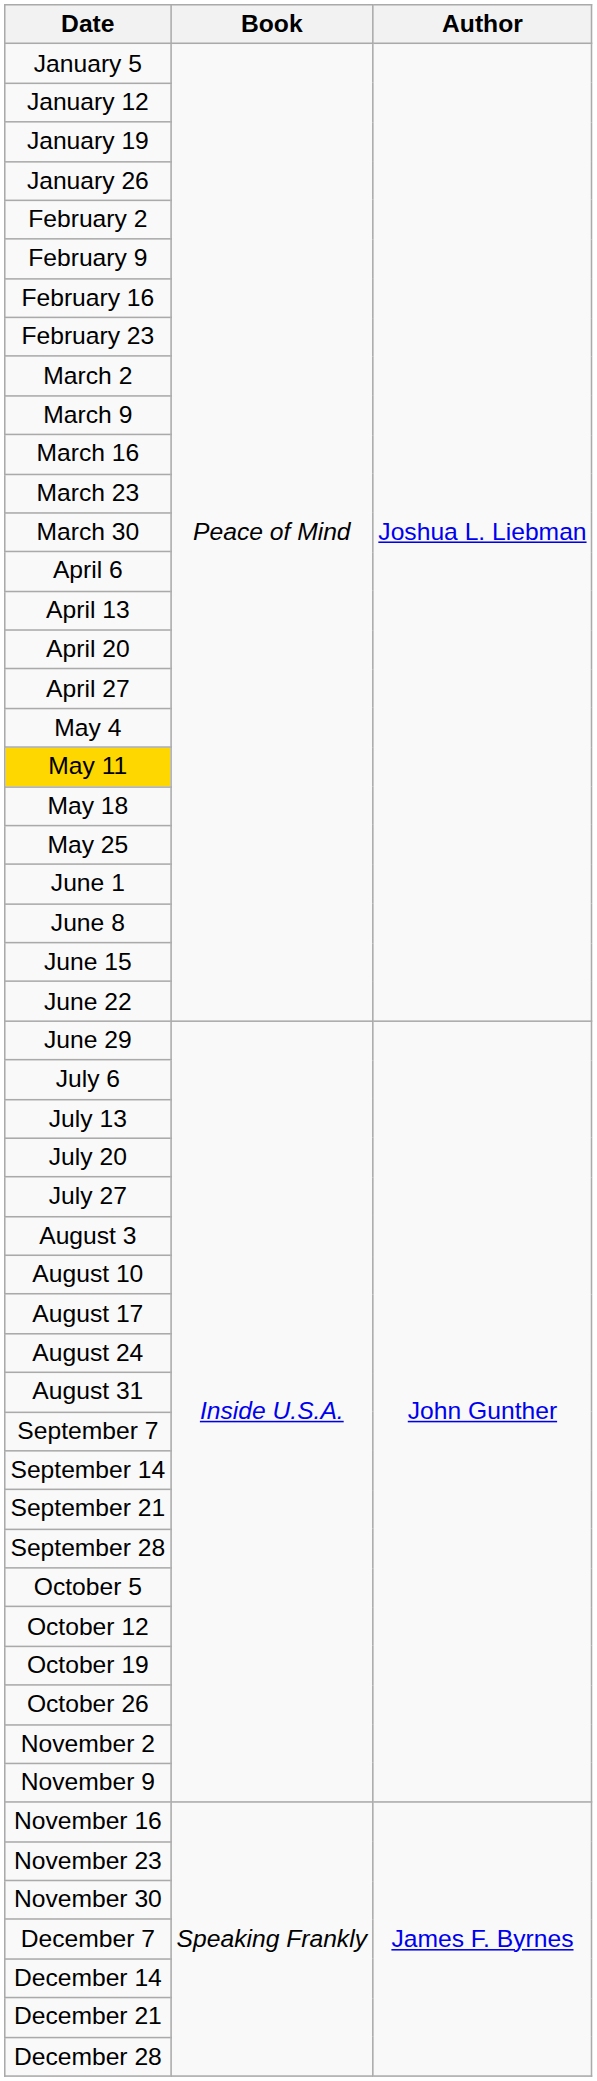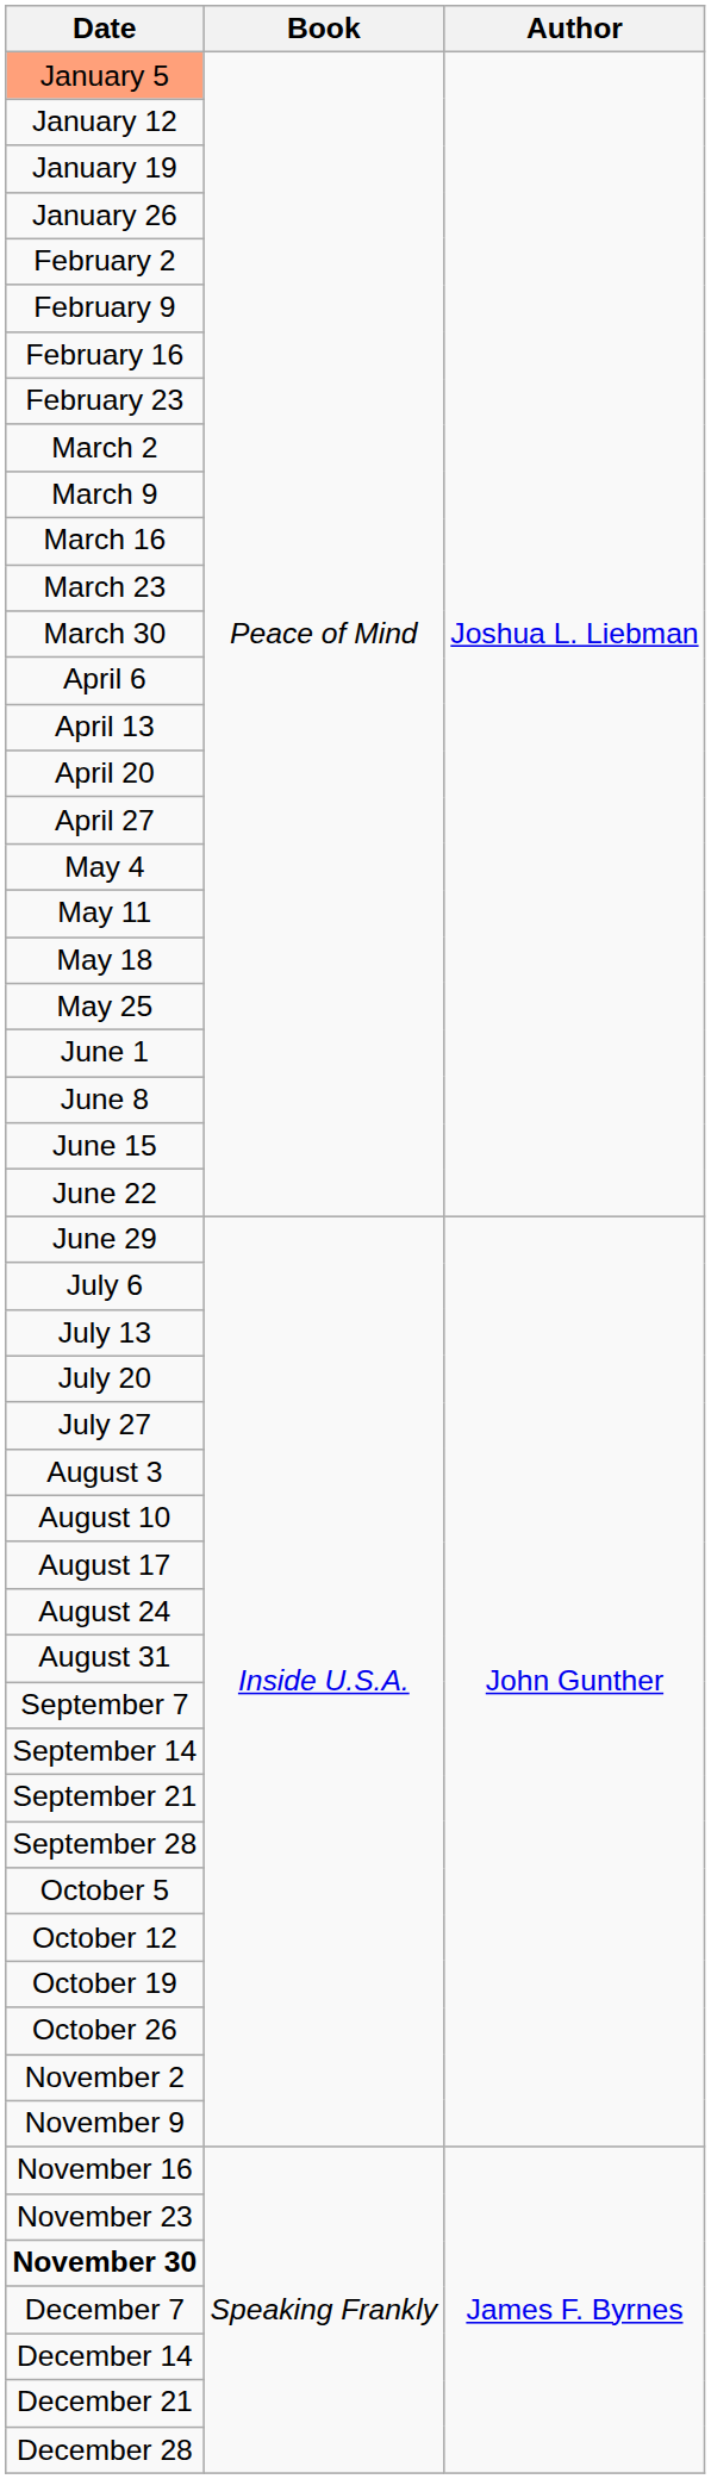 <table class="wikitable sortable" style="text-align: center">
 <tr>
 <th>Date</th>
 <th>Book</th>
 <th>Author</th>
 </tr>
 <tr>
-<td>January 5</td>
+<td style="background: lightsalmon;">January 5</td>
 <td rowspan=25><em>Peace of Mind</em></td>
 <td rowspan=25><a href='#'>Joshua L. Liebman</a></td>
 </tr>
 <tr>
 <td>January 12</td>
 </tr>
 <tr>
 <td>January 19</td>
 </tr>
 <tr>
 <td>January 26</td>
 </tr>
 <tr>
 <td>February 2</td>
 </tr>
 <tr>
 <td>February 9</td>
 </tr>
 <tr>
 <td>February 16</td>
 </tr>
 <tr>
 <td>February 23</td>
 </tr>
 <tr>
 <td>March 2</td>
 </tr>
 <tr>
 <td>March 9</td>
 </tr>
 <tr>
 <td>March 16</td>
 </tr>
 <tr>
 <td>March 23</td>
 </tr>
 <tr>
 <td>March 30</td>
 </tr>
 <tr>
 <td>April 6</td>
 </tr>
 <tr>
 <td>April 13</td>
 </tr>
 <tr>
 <td>April 20</td>
 </tr>
 <tr>
 <td>April 27</td>
 </tr>
 <tr>
 <td>May 4</td>
 </tr>
 <tr>
-<td style="background: gold;">May 11</td>
+<td>May 11</td>
 </tr>
 <tr>
 <td>May 18</td>
 </tr>
 <tr>
 <td>May 25</td>
 </tr>
 <tr>
 <td>June 1</td>
 </tr>
 <tr>
 <td>June 8</td>
 </tr>
 <tr>
 <td>June 15</td>
 </tr>
 <tr>
 <td>June 22</td>
 </tr>
 <tr>
 <td>June 29</td>
 <td rowspan=20><em><a href='#'>Inside U.S.A.</a></em></td>
 <td rowspan=20><a href='#'>John Gunther</a></td>
 </tr>
 <tr>
 <td>July 6</td>
 </tr>
 <tr>
 <td>July 13</td>
 </tr>
 <tr>
 <td>July 20</td>
 </tr>
 <tr>
 <td>July 27</td>
 </tr>
 <tr>
 <td>August 3</td>
 </tr>
 <tr>
 <td>August 10</td>
 </tr>
 <tr>
 <td>August 17</td>
 </tr>
 <tr>
 <td>August 24</td>
 </tr>
 <tr>
 <td>August 31</td>
 </tr>
 <tr>
 <td>September 7</td>
 </tr>
 <tr>
 <td>September 14</td>
 </tr>
 <tr>
 <td>September 21</td>
 </tr>
 <tr>
 <td>September 28</td>
 </tr>
 <tr>
 <td>October 5</td>
 </tr>
 <tr>
 <td>October 12</td>
 </tr>
 <tr>
 <td>October 19</td>
 </tr>
 <tr>
 <td>October 26</td>
 </tr>
 <tr>
 <td>November 2</td>
 </tr>
 <tr>
 <td>November 9</td>
 </tr>
 <tr>
 <td>November 16</td>
 <td rowspan=7><em>Speaking Frankly</em></td>
 <td rowspan=7><a href='#'>James F. Byrnes</a></td>
 </tr>
 <tr>
 <td>November 23</td>
 </tr>
 <tr>
-<td>November 30</td>
+<td><strong>November 30</strong></td>
 </tr>
 <tr>
 <td>December 7</td>
 </tr>
 <tr>
 <td>December 14</td>
 </tr>
 <tr>
 <td>December 21</td>
 </tr>
 <tr>
 <td>December 28</td>
 </tr>
 </table>
